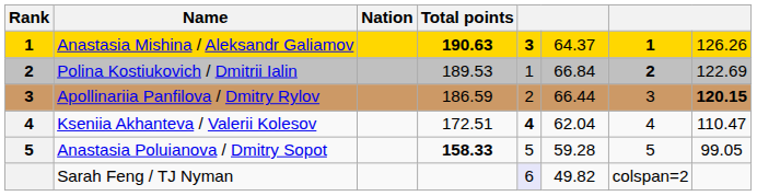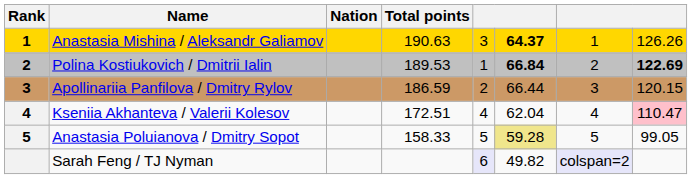 <table class="wikitable sortable">
 <tr>
 <th>Rank</th>
 <th>Name</th>
 <th>Nation</th>
 <th>Total points</th>
 <th colspan="2" width="80px"></th>
 <th colspan="2" width="80px"></th>
 </tr>
 <tr bgcolor="gold">
 <td align="center"><strong>1</strong></td>
 <td><a href='#'>Anastasia Mishina</a> / <a href='#'>Aleksandr Galiamov</a></td>
 <td></td>
-<td align="center"><strong>190.63</strong></td>
-<td align="center"><strong>3</strong></td>
-<td align="center">64.37</td>
-<td align="center"><strong>1</strong></td>
+<td align="center">190.63</td>
+<td align="center">3</td>
+<td align="center"><strong>64.37</strong></td>
+<td align="center">1</td>
 <td align="center">126.26</td>
 </tr>
 <tr bgcolor="silver">
 <td align="center"><strong>2</strong></td>
 <td><a href='#'>Polina Kostiukovich</a> / <a href='#'>Dmitrii Ialin</a></td>
 <td></td>
 <td align="center">189.53</td>
 <td align="center">1</td>
-<td align="center">66.84</td>
-<td align="center"><strong>2</strong></td>
-<td align="center">122.69</td>
+<td align="center"><strong>66.84</strong></td>
+<td align="center">2</td>
+<td align="center"><strong>122.69</strong></td>
 </tr>
 <tr bgcolor="cc9966">
 <td align="center"><strong>3</strong></td>
 <td><a href='#'>Apollinariia Panfilova</a> / <a href='#'>Dmitry Rylov</a></td>
 <td></td>
 <td align="center">186.59</td>
 <td align="center">2</td>
 <td align="center">66.44</td>
 <td align="center">3</td>
-<td align="center"><strong>120.15</strong></td>
+<td align="center">120.15</td>
 </tr>
 <tr>
 <th>4</th>
 <td><a href='#'>Kseniia Akhanteva</a> / <a href='#'>Valerii Kolesov</a></td>
 <td></td>
 <td align="center">172.51</td>
-<td align="center"><strong>4</strong></td>
+<td align="center">4</td>
 <td align="center">62.04</td>
 <td align="center">4</td>
-<td align="center">110.47</td>
+<td align="center" style="background: pink;">110.47</td>
 </tr>
 <tr>
 <th>5</th>
 <td><a href='#'>Anastasia Poluianova</a> / <a href='#'>Dmitry Sopot</a></td>
 <td></td>
-<td align="center"><strong>158.33</strong></td>
+<td align="center">158.33</td>
 <td align="center">5</td>
-<td align="center">59.28</td>
+<td align="center" style="background: khaki;">59.28</td>
 <td align="center">5</td>
 <td align="center">99.05</td>
 </tr>
 <tr>
 <th></th>
 <td>Sarah Feng / TJ Nyman</td>
 <td></td>
 <td></td>
 <td align="center" style="background: lavender;">6</td>
 <td align="center">49.82</td>
-<td>colspan=2 </td>
+<td style="background: lavender;">colspan=2 </td>
 </tr>
 </table>
